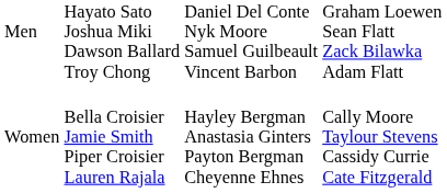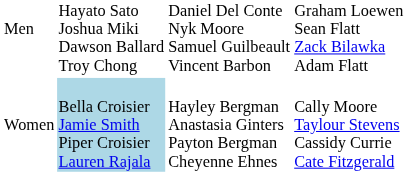 <table>
 <tr>
 <td>Men</td>
 <td><br>Hayato Sato<br>Joshua Miki<br>Dawson Ballard<br>Troy Chong</td>
 <td><br>Daniel Del Conte<br>Nyk Moore<br>Samuel Guilbeault<br>Vincent Barbon</td>
 <td><br>Graham Loewen<br>Sean Flatt<br><a href='#'>Zack Bilawka</a><br>Adam Flatt</td>
 </tr>
 <tr>
 <td>Women</td>
-<td><br>Bella Croisier<br><a href='#'>Jamie Smith</a><br>Piper Croisier<br><a href='#'>Lauren Rajala</a></td>
+<td style="background: lightblue;"><br>Bella Croisier<br><a href='#'>Jamie Smith</a><br>Piper Croisier<br><a href='#'>Lauren Rajala</a></td>
 <td><br>Hayley Bergman<br>Anastasia Ginters<br>Payton Bergman<br>Cheyenne Ehnes</td>
 <td><br>Cally Moore<br><a href='#'>Taylour Stevens</a><br>Cassidy Currie<br><a href='#'>Cate Fitzgerald</a></td>
 </tr>
 </table>
